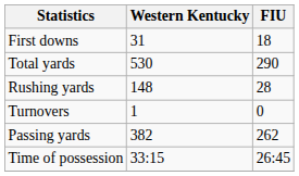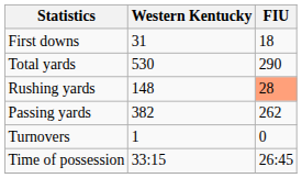 <table class="wikitable">
 <tr>
 <th>Statistics</th>
 <th>Western Kentucky</th>
 <th>FIU</th>
 </tr>
 <tr>
 <td>First downs</td>
 <td>31</td>
 <td>18</td>
 </tr>
 <tr>
 <td>Total yards</td>
 <td>530</td>
 <td>290</td>
 </tr>
 <tr>
 <td>Rushing yards</td>
 <td>148</td>
-<td>28</td>
+<td style="background: lightsalmon;">28</td>
+</tr>
+<tr>
+<td>Passing yards</td>
+<td>382</td>
+<td>262</td>
 </tr>
 <tr>
 <td>Turnovers</td>
 <td>1</td>
 <td>0</td>
-</tr>
-<tr>
-<td>Passing yards</td>
-<td>382</td>
-<td>262</td>
 </tr>
 <tr>
 <td>Time of possession</td>
 <td>33:15</td>
 <td>26:45</td>
 </tr>
 <tr>
 </tr>
 </table>
